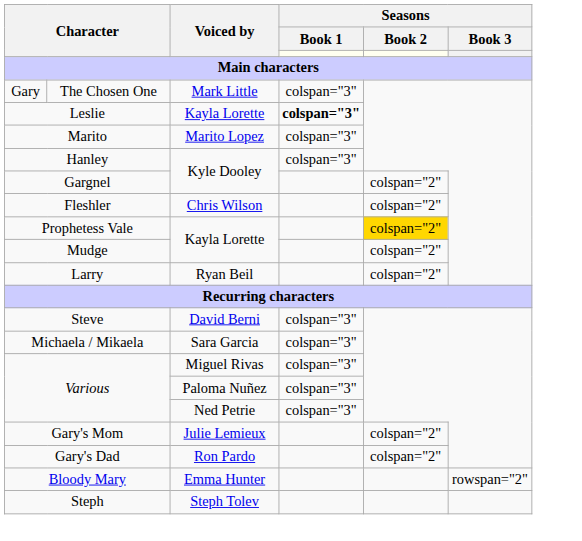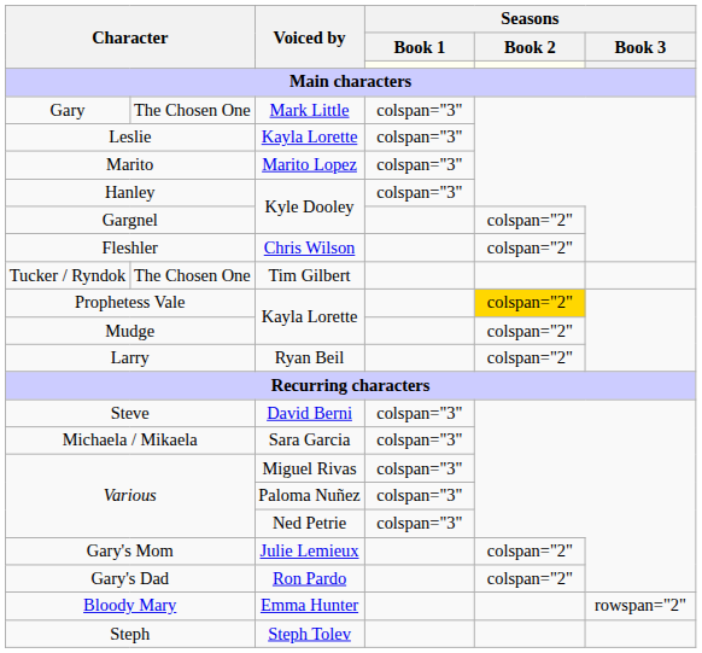 <table class="wikitable plainrowheaders" style="text-align:center;">
 <tr>
 <th scope="col" rowspan="3" colspan="2">Character</th>
 <th scope="col" rowspan="3">Voiced by</th>
 <th scope="col" colspan="3">Seasons</th>
 </tr>
 <tr>
 <th width="16%">Book 1</th>
 <th width="16%">Book 2</th>
 <th width="16%">Book 3</th>
 </tr>
 <tr>
 <th style="background:ivory;"></th>
 <th style="background:ivory;"></th>
 <th></th>
 </tr>
 <tr>
 <th colspan="6" style="background:#ccf;">Main characters</th>
 </tr>
 <tr>
 <td scope="row">Gary</td>
 <td>The Chosen One</td>
 <td><a href='#'>Mark Little</a></td>
 <td>colspan="3" </td>
 </tr>
 <tr>
 <td scope="row" colspan="2">Leslie</td>
 <td><a href='#'>Kayla Lorette</a></td>
-<td><strong>colspan="3" </strong></td>
+<td>colspan="3" </td>
 </tr>
 <tr>
 <td scope="row" colspan="2">Marito</td>
 <td><a href='#'>Marito Lopez</a></td>
 <td>colspan="3" </td>
 </tr>
 <tr>
 <td scope="row" colspan="2">Hanley</td>
 <td rowspan="2">Kyle Dooley</td>
 <td>colspan="3" </td>
 </tr>
 <tr>
 <td scope="row" colspan="2">Gargnel</td>
 <td></td>
 <td>colspan="2" </td>
 </tr>
 <tr>
 <td scope="row" colspan="2">Fleshler</td>
 <td><a href='#'>Chris Wilson</a></td>
 <td></td>
 <td>colspan="2" </td>
+</tr>
+<tr>
+<td scope="row">Tucker / Ryndok</td>
+<td>The Chosen One</td>
+<td>Tim Gilbert</td>
+<td></td>
+<td></td>
+<td></td>
 </tr>
 <tr>
 <td scope="row" colspan="2">Prophetess Vale</td>
 <td rowspan="2">Kayla Lorette</td>
 <td></td>
 <td style="background: gold;">colspan="2" </td>
 </tr>
 <tr>
 <td scope="row" colspan="2">Mudge</td>
 <td></td>
 <td>colspan="2" </td>
 </tr>
 <tr>
 <td scope="row" colspan="2">Larry</td>
 <td>Ryan Beil</td>
 <td></td>
 <td>colspan="2" </td>
 </tr>
 <tr>
 <th colspan="6" style="background:#ccf;">Recurring characters</th>
 </tr>
 <tr>
 <td scope="row" colspan="2">Steve</td>
 <td><a href='#'>David Berni</a></td>
 <td>colspan="3" </td>
 </tr>
 <tr>
 <td scope="row" colspan="2">Michaela / Mikaela</td>
 <td>Sara Garcia</td>
 <td>colspan="3" </td>
 </tr>
 <tr>
 <td scope="row" rowspan="3" colspan="2"><em>Various</em></td>
 <td>Miguel Rivas</td>
 <td>colspan="3" </td>
 </tr>
 <tr>
 <td>Paloma Nuñez</td>
 <td>colspan="3" </td>
 </tr>
 <tr>
 <td>Ned Petrie</td>
 <td>colspan="3" </td>
 </tr>
 <tr>
 <td scope="row" colspan="2">Gary's Mom</td>
 <td><a href='#'>Julie Lemieux</a></td>
 <td></td>
 <td>colspan="2" </td>
 </tr>
 <tr>
 <td scope="row" colspan="2">Gary's Dad</td>
 <td><a href='#'>Ron Pardo</a></td>
 <td></td>
 <td>colspan="2" </td>
 </tr>
 <tr>
 <td scope="row" colspan="2"><a href='#'>Bloody Mary</a></td>
 <td><a href='#'>Emma Hunter</a></td>
 <td></td>
 <td></td>
 <td>rowspan="2" </td>
 </tr>
 <tr>
 <td scope="row" colspan="2">Steph</td>
 <td><a href='#'>Steph Tolev</a></td>
 <td></td>
 <td></td>
 </tr>
 </table>
